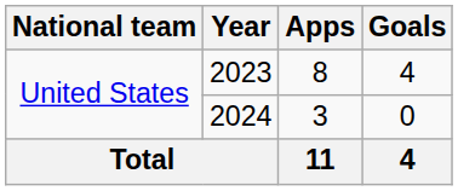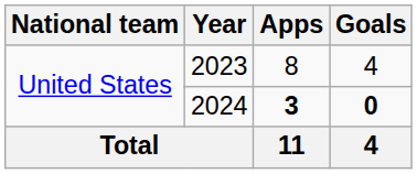 <table class="wikitable" style="text-align:center">
 <tr>
 <th>National team</th>
 <th>Year</th>
 <th>Apps</th>
 <th>Goals</th>
 </tr>
 <tr>
 <td rowspan=2><a href='#'>United States</a></td>
 <td>2023</td>
 <td>8</td>
 <td>4</td>
 </tr>
 <tr>
 <td>2024</td>
-<td>3</td>
-<td>0</td>
+<td><strong>3</strong></td>
+<td><strong>0</strong></td>
 </tr>
 <tr>
 <th colspan="2">Total</th>
 <th>11</th>
 <th>4</th>
 </tr>
 </table>
